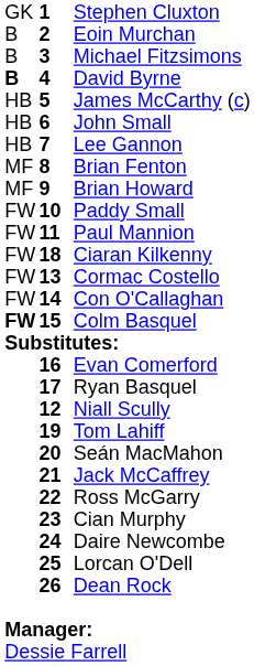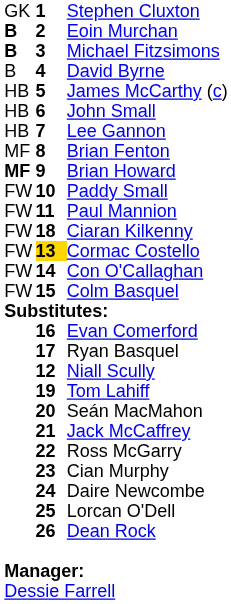 <table style="font-size:90%; margin:0.2em auto;" cellspacing="0" cellpadding="0">
 <tr>
 <th width="25"></th>
 <th width="25"></th>
 </tr>
 <tr>
 <td>GK</td>
 <td><strong>1</strong></td>
 <td><a href='#'>Stephen Cluxton</a></td>
 <td></td>
 </tr>
 <tr>
-<td>B</td>
+<td><strong>B</strong></td>
 <td><strong>2</strong></td>
 <td><a href='#'>Eoin Murchan</a></td>
 <td></td>
 <td></td>
 </tr>
 <tr>
-<td>B</td>
+<td><strong>B</strong></td>
 <td><strong>3</strong></td>
 <td><a href='#'>Michael Fitzsimons</a></td>
 <td></td>
 </tr>
 <tr>
-<td><strong>B</strong></td>
+<td>B</td>
 <td><strong>4</strong></td>
 <td><a href='#'>David Byrne</a></td>
 </tr>
 <tr>
 <td>HB</td>
 <td><strong>5</strong></td>
 <td><a href='#'>James McCarthy</a> (<a href='#'>c</a>)</td>
 </tr>
 <tr>
 <td>HB</td>
 <td><strong>6</strong></td>
 <td><a href='#'>John Small</a></td>
 <td></td>
 </tr>
 <tr>
 <td>HB</td>
 <td><strong>7</strong></td>
 <td><a href='#'>Lee Gannon</a></td>
 <td></td>
 <td></td>
 </tr>
 <tr>
 <td>MF</td>
 <td><strong>8</strong></td>
 <td><a href='#'>Brian Fenton</a></td>
 </tr>
 <tr>
-<td>MF</td>
+<td><strong>MF</strong></td>
 <td><strong>9</strong></td>
 <td><a href='#'>Brian Howard</a></td>
 <td></td>
 <td></td>
 </tr>
 <tr>
 <td>FW</td>
 <td><strong>10</strong></td>
 <td><a href='#'>Paddy Small</a></td>
 <td></td>
 <td></td>
 </tr>
 <tr>
 <td>FW</td>
 <td><strong>11</strong></td>
 <td><a href='#'>Paul Mannion</a></td>
 </tr>
 <tr>
 <td>FW</td>
 <td><strong>18</strong></td>
 <td><a href='#'>Ciaran Kilkenny</a></td>
 </tr>
 <tr>
 <td>FW</td>
-<td><strong>13</strong></td>
+<td style="background: gold;"><strong>13</strong></td>
 <td><a href='#'>Cormac Costello</a></td>
 <td></td>
 <td></td>
 </tr>
 <tr>
 <td>FW</td>
 <td><strong>14</strong></td>
 <td><a href='#'>Con O'Callaghan</a></td>
 </tr>
 <tr>
-<td><strong>FW</strong></td>
+<td>FW</td>
 <td><strong>15</strong></td>
 <td><a href='#'>Colm Basquel</a></td>
 </tr>
 <tr>
 <td colspan=3><strong>Substitutes:</strong></td>
 </tr>
 <tr>
 <td></td>
 <td><strong>16</strong></td>
 <td><a href='#'>Evan Comerford</a></td>
 </tr>
 <tr>
 <td></td>
 <td><strong>17</strong></td>
 <td>Ryan Basquel</td>
 </tr>
 <tr>
 <td></td>
 <td><strong>12</strong></td>
 <td><a href='#'>Niall Scully</a></td>
 <td></td>
 <td></td>
 </tr>
 <tr>
 <td></td>
 <td><strong>19</strong></td>
 <td><a href='#'>Tom Lahiff</a></td>
 </tr>
 <tr>
 <td></td>
 <td><strong>20</strong></td>
 <td>Seán MacMahon</td>
 <td></td>
 <td></td>
 </tr>
 <tr>
 <td></td>
 <td><strong>21</strong></td>
 <td><a href='#'>Jack McCaffrey</a></td>
 <td></td>
 <td></td>
 </tr>
 <tr>
 <td></td>
 <td><strong>22</strong></td>
 <td>Ross McGarry</td>
 </tr>
 <tr>
 <td></td>
 <td><strong>23</strong></td>
 <td>Cian Murphy</td>
 <td></td>
 <td></td>
 </tr>
 <tr>
 <td></td>
 <td><strong>24</strong></td>
 <td>Daire Newcombe</td>
 </tr>
 <tr>
 <td></td>
 <td><strong>25</strong></td>
 <td>Lorcan O'Dell</td>
 </tr>
 <tr>
 <td></td>
 <td><strong>26</strong></td>
 <td><a href='#'>Dean Rock</a></td>
 <td></td>
 <td></td>
 </tr>
 <tr>
 <td colspan=3><br><strong>Manager:</strong></td>
 </tr>
 <tr>
 <td colspan="4"><a href='#'>Dessie Farrell</a></td>
 </tr>
 </table>
